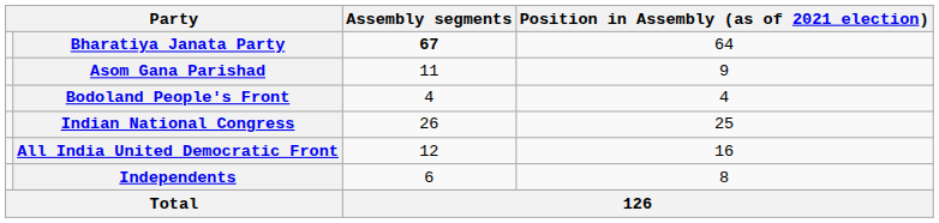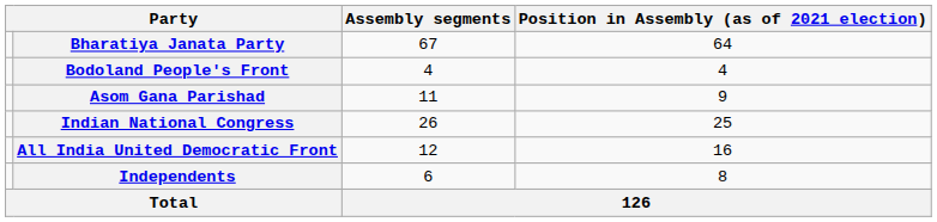 <table class="wikitable" style="text-align:center">
 <tr>
 <th colspan=2>Party</th>
 <th>Assembly segments</th>
 <th>Position in Assembly (as of <a href='#'>2021 election</a>)</th>
 </tr>
 <tr>
 <td></td>
 <th><a href='#'>Bharatiya Janata Party</a></th>
-<td><strong>67</strong></td>
+<td>67</td>
 <td>64</td>
+</tr>
+<tr>
+<td></td>
+<th><a href='#'>Bodoland People's Front</a></th>
+<td>4</td>
+<td>4</td>
 </tr>
 <tr>
 <td></td>
 <th><a href='#'>Asom Gana Parishad</a></th>
 <td>11</td>
 <td>9</td>
-</tr>
-<tr>
-<td></td>
-<th><a href='#'>Bodoland People's Front</a></th>
-<td>4</td>
-<td>4</td>
 </tr>
 <tr>
 <td></td>
 <th><a href='#'>Indian National Congress</a></th>
 <td>26</td>
 <td>25</td>
 </tr>
 <tr>
 <td></td>
 <th><a href='#'>All India United Democratic Front</a></th>
 <td>12</td>
 <td>16</td>
 </tr>
 <tr>
 <td></td>
 <th><a href='#'>Independents</a></th>
 <td>6</td>
 <td>8</td>
 </tr>
 <tr>
 <th colspan=2>Total</th>
 <th colspan=2>126</th>
 </tr>
 </table>
